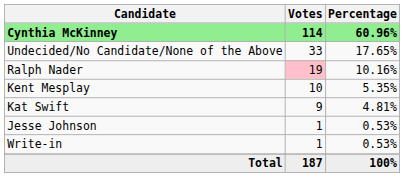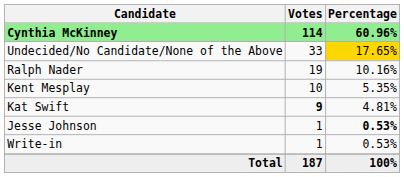 <table class="wikitable" style=" text-align:right;">
 <tr>
 <th>Candidate</th>
 <th>Votes</th>
 <th>Percentage</th>
 </tr>
 <tr style="background:lightgreen;">
 <td style="text-align:left;"><strong>Cynthia McKinney</strong></td>
 <td><strong>114</strong></td>
 <td><strong>60.96%</strong></td>
 </tr>
 <tr>
 <td style="text-align:left;">Undecided/No Candidate/None of the Above</td>
 <td>33</td>
-<td>17.65%</td>
+<td style="background: gold;">17.65%</td>
 </tr>
 <tr>
 <td style="text-align:left;">Ralph Nader</td>
-<td style="background: pink;">19</td>
+<td>19</td>
 <td>10.16%</td>
 </tr>
 <tr>
 <td style="text-align:left;">Kent Mesplay</td>
 <td>10</td>
 <td>5.35%</td>
 </tr>
 <tr>
 <td style="text-align:left;">Kat Swift</td>
-<td>9</td>
+<td><strong>9</strong></td>
 <td>4.81%</td>
 </tr>
 <tr>
 <td style="text-align:left;">Jesse Johnson</td>
 <td>1</td>
-<td>0.53%</td>
+<td><strong>0.53%</strong></td>
 </tr>
 <tr>
 <td style="text-align:left;">Write-in</td>
 <td>1</td>
 <td>0.53%</td>
 </tr>
 <tr>
 </tr>
 <tr style="background:#eee;">
 <td style="margin-right:0.50px"><strong>Total</strong></td>
 <td style="margin-right:0.50px"><strong>187</strong></td>
 <td style="margin-right:0.50px"><strong>100%</strong></td>
 </tr>
 </table>
